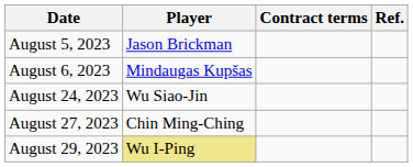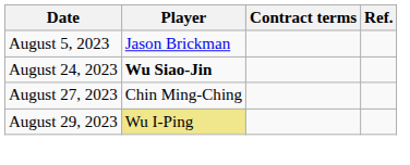 <table class="wikitable">
 <tr>
 <th>Date</th>
 <th>Player</th>
 <th>Contract terms</th>
 <th>Ref.</th>
 </tr>
 <tr>
 <td>August 5, 2023</td>
 <td><a href='#'>Jason Brickman</a></td>
 <td></td>
 <td></td>
 </tr>
 <tr>
-<td>August 6, 2023</td>
-<td><a href='#'>Mindaugas Kupšas</a></td>
-<td></td>
-<td></td>
-</tr>
-<tr>
 <td>August 24, 2023</td>
-<td>Wu Siao-Jin</td>
+<td><strong>Wu Siao-Jin</strong></td>
 <td></td>
 <td></td>
 </tr>
 <tr>
 <td>August 27, 2023</td>
 <td>Chin Ming-Ching</td>
 <td></td>
 <td></td>
 </tr>
 <tr>
 <td>August 29, 2023</td>
 <td style="background: khaki;">Wu I-Ping</td>
 <td></td>
 <td></td>
 </tr>
 </table>
